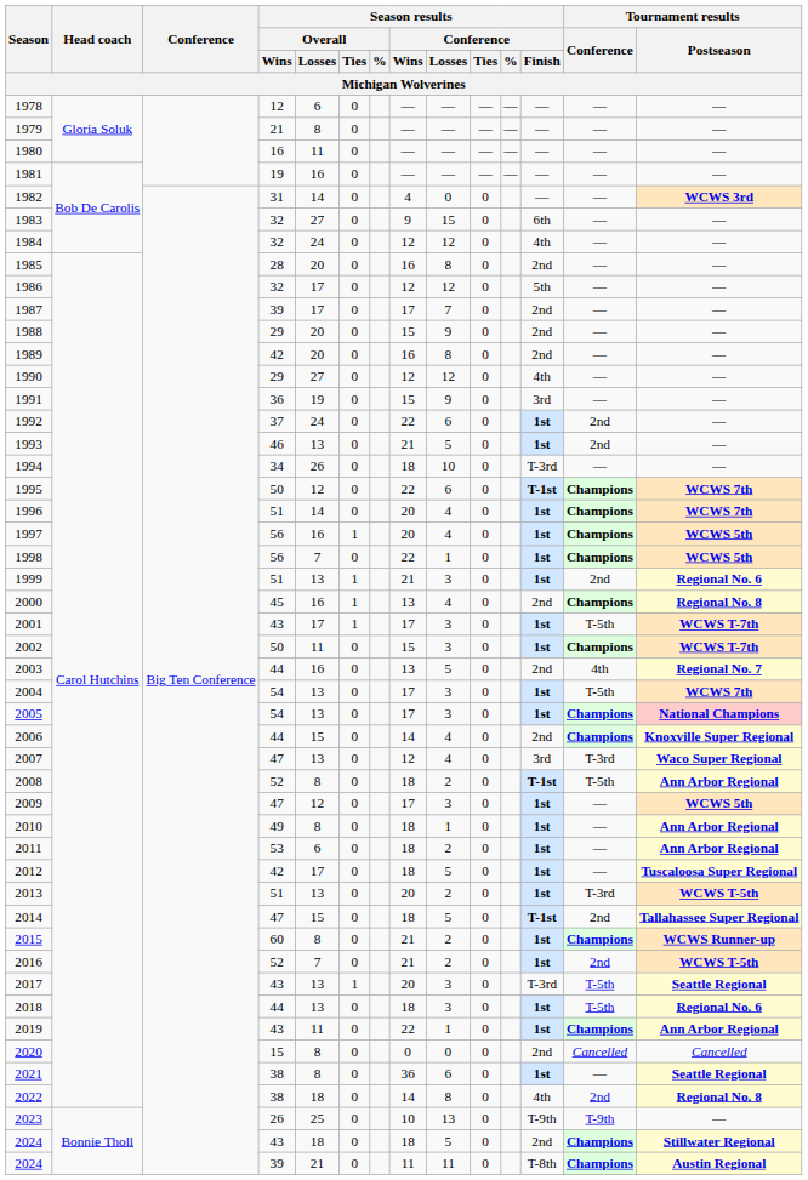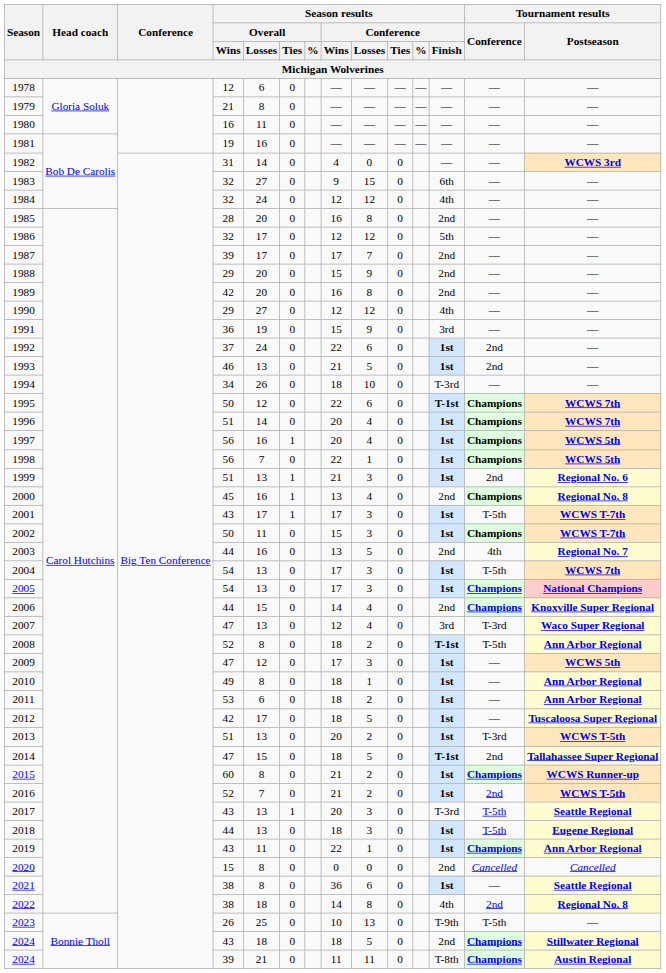 <table class="wikitable" style="font-size: 95%; text-align:center;">
 <tr>
 <th rowspan=3>Season</th>
 <th rowspan=3>Head coach</th>
 <th rowspan=3>Conference</th>
 <th colspan=9>Season results</th>
 <th colspan=2>Tournament results</th>
 </tr>
 <tr>
 <th colspan=4>Overall</th>
 <th colspan=5>Conference</th>
 <th rowspan=2>Conference</th>
 <th rowspan=2>Postseason</th>
 </tr>
 <tr>
 <th>Wins</th>
 <th>Losses</th>
 <th>Ties</th>
 <th>%</th>
 <th>Wins</th>
 <th>Losses</th>
 <th>Ties</th>
 <th>%</th>
 <th>Finish</th>
 </tr>
 <tr>
 <th colspan=14>Michigan Wolverines</th>
 </tr>
 <tr>
 <td>1978</td>
 <td rowspan=3><a href='#'>Gloria Soluk</a></td>
 <td rowspan=4></td>
 <td>12</td>
 <td>6</td>
 <td>0</td>
 <td></td>
 <td>—</td>
 <td>—</td>
 <td>—</td>
 <td>—</td>
 <td>—</td>
 <td>—</td>
 <td>—</td>
 </tr>
 <tr>
 <td>1979</td>
 <td>21</td>
 <td>8</td>
 <td>0</td>
 <td></td>
 <td>—</td>
 <td>—</td>
 <td>—</td>
 <td>—</td>
 <td>—</td>
 <td>—</td>
 <td>—</td>
 </tr>
 <tr>
 <td>1980</td>
 <td>16</td>
 <td>11</td>
 <td>0</td>
 <td></td>
 <td>—</td>
 <td>—</td>
 <td>—</td>
 <td>—</td>
 <td>—</td>
 <td>—</td>
 <td>—</td>
 </tr>
 <tr>
 <td>1981</td>
 <td rowspan=4><a href='#'>Bob De Carolis</a></td>
 <td>19</td>
 <td>16</td>
 <td>0</td>
 <td></td>
 <td>—</td>
 <td>—</td>
 <td>—</td>
 <td>—</td>
 <td>—</td>
 <td>—</td>
 <td>—</td>
 </tr>
 <tr>
 <td>1982</td>
 <td rowspan=44><a href='#'>Big Ten Conference</a></td>
 <td>31</td>
 <td>14</td>
 <td>0</td>
 <td></td>
 <td>4</td>
 <td>0</td>
 <td>0</td>
 <td></td>
 <td>—</td>
 <td>—</td>
 <td bgcolor="#FFE6BD"><strong><a href='#'>WCWS 3rd</a></strong></td>
 </tr>
 <tr>
 <td>1983</td>
 <td>32</td>
 <td>27</td>
 <td>0</td>
 <td></td>
 <td>9</td>
 <td>15</td>
 <td>0</td>
 <td></td>
 <td>6th</td>
 <td>—</td>
 <td>—</td>
 </tr>
 <tr>
 <td>1984</td>
 <td>32</td>
 <td>24</td>
 <td>0</td>
 <td></td>
 <td>12</td>
 <td>12</td>
 <td>0</td>
 <td></td>
 <td>4th</td>
 <td>—</td>
 <td>—</td>
 </tr>
 <tr>
 <td>1985</td>
 <td rowspan=38><a href='#'>Carol Hutchins</a></td>
 <td>28</td>
 <td>20</td>
 <td>0</td>
 <td></td>
 <td>16</td>
 <td>8</td>
 <td>0</td>
 <td></td>
 <td>2nd</td>
 <td>—</td>
 <td>—</td>
 </tr>
 <tr>
 <td>1986</td>
 <td>32</td>
 <td>17</td>
 <td>0</td>
 <td></td>
 <td>12</td>
 <td>12</td>
 <td>0</td>
 <td></td>
 <td>5th</td>
 <td>—</td>
 <td>—</td>
 </tr>
 <tr>
 <td>1987</td>
 <td>39</td>
 <td>17</td>
 <td>0</td>
 <td></td>
 <td>17</td>
 <td>7</td>
 <td>0</td>
 <td></td>
 <td>2nd</td>
 <td>—</td>
 <td>—</td>
 </tr>
 <tr>
 <td>1988</td>
 <td>29</td>
 <td>20</td>
 <td>0</td>
 <td></td>
 <td>15</td>
 <td>9</td>
 <td>0</td>
 <td></td>
 <td>2nd</td>
 <td>—</td>
 <td>—</td>
 </tr>
 <tr>
 <td>1989</td>
 <td>42</td>
 <td>20</td>
 <td>0</td>
 <td></td>
 <td>16</td>
 <td>8</td>
 <td>0</td>
 <td></td>
 <td>2nd</td>
 <td>—</td>
 <td>—</td>
 </tr>
 <tr>
 <td>1990</td>
 <td>29</td>
 <td>27</td>
 <td>0</td>
 <td></td>
 <td>12</td>
 <td>12</td>
 <td>0</td>
 <td></td>
 <td>4th</td>
 <td>—</td>
 <td>—</td>
 </tr>
 <tr>
 <td>1991</td>
 <td>36</td>
 <td>19</td>
 <td>0</td>
 <td></td>
 <td>15</td>
 <td>9</td>
 <td>0</td>
 <td></td>
 <td>3rd</td>
 <td>—</td>
 <td>—</td>
 </tr>
 <tr>
 <td>1992</td>
 <td>37</td>
 <td>24</td>
 <td>0</td>
 <td></td>
 <td>22</td>
 <td>6</td>
 <td>0</td>
 <td></td>
 <td bgcolor="#D0E7FF"><strong>1st</strong></td>
 <td>2nd</td>
 <td>—</td>
 </tr>
 <tr>
 <td>1993</td>
 <td>46</td>
 <td>13</td>
 <td>0</td>
 <td></td>
 <td>21</td>
 <td>5</td>
 <td>0</td>
 <td></td>
 <td bgcolor="#D0E7FF"><strong>1st</strong></td>
 <td>2nd</td>
 <td>—</td>
 </tr>
 <tr>
 <td>1994</td>
 <td>34</td>
 <td>26</td>
 <td>0</td>
 <td></td>
 <td>18</td>
 <td>10</td>
 <td>0</td>
 <td></td>
 <td>T-3rd</td>
 <td>—</td>
 <td>—</td>
 </tr>
 <tr>
 <td>1995</td>
 <td>50</td>
 <td>12</td>
 <td>0</td>
 <td></td>
 <td>22</td>
 <td>6</td>
 <td>0</td>
 <td></td>
 <td bgcolor="#D0E7FF"><strong>T-1st</strong></td>
 <td bgcolor="#DDFFDD"><strong>Champions</strong></td>
 <td bgcolor="#FFE6BD"><strong><a href='#'>WCWS 7th</a></strong></td>
 </tr>
 <tr>
 <td>1996</td>
 <td>51</td>
 <td>14</td>
 <td>0</td>
 <td></td>
 <td>20</td>
 <td>4</td>
 <td>0</td>
 <td></td>
 <td bgcolor="#D0E7FF"><strong>1st</strong></td>
 <td bgcolor="#DDFFDD"><strong>Champions</strong></td>
 <td bgcolor="#FFE6BD"><strong><a href='#'>WCWS 7th</a></strong></td>
 </tr>
 <tr>
 <td>1997</td>
 <td>56</td>
 <td>16</td>
 <td>1</td>
 <td></td>
 <td>20</td>
 <td>4</td>
 <td>0</td>
 <td></td>
 <td bgcolor="#D0E7FF"><strong>1st</strong></td>
 <td bgcolor="#DDFFDD"><strong>Champions</strong></td>
 <td bgcolor="#FFE6BD"><strong><a href='#'>WCWS 5th</a></strong></td>
 </tr>
 <tr>
 <td>1998</td>
 <td>56</td>
 <td>7</td>
 <td>0</td>
 <td></td>
 <td>22</td>
 <td>1</td>
 <td>0</td>
 <td></td>
 <td bgcolor="#D0E7FF"><strong>1st</strong></td>
 <td bgcolor="#DDFFDD"><strong>Champions</strong></td>
 <td bgcolor="#FFE6BD"><strong><a href='#'>WCWS 5th</a></strong></td>
 </tr>
 <tr>
 <td>1999</td>
 <td>51</td>
 <td>13</td>
 <td>1</td>
 <td></td>
 <td>21</td>
 <td>3</td>
 <td>0</td>
 <td></td>
 <td bgcolor="#D0E7FF"><strong>1st</strong></td>
 <td>2nd</td>
 <td bgcolor="#FFFDD0"><strong><a href='#'>Regional No. 6</a></strong></td>
 </tr>
 <tr>
 <td>2000</td>
 <td>45</td>
 <td>16</td>
 <td>1</td>
 <td></td>
 <td>13</td>
 <td>4</td>
 <td>0</td>
 <td></td>
 <td>2nd</td>
 <td bgcolor="#DDFFDD"><strong>Champions</strong></td>
 <td bgcolor="#FFFDD0"><strong><a href='#'>Regional No. 8</a></strong></td>
 </tr>
 <tr>
 <td>2001</td>
 <td>43</td>
 <td>17</td>
 <td>1</td>
 <td></td>
 <td>17</td>
 <td>3</td>
 <td>0</td>
 <td></td>
 <td bgcolor="#D0E7FF"><strong>1st</strong></td>
 <td>T-5th</td>
 <td bgcolor="#FFE6BD"><strong><a href='#'>WCWS T-7th</a></strong></td>
 </tr>
 <tr>
 <td>2002</td>
 <td>50</td>
 <td>11</td>
 <td>0</td>
 <td></td>
 <td>15</td>
 <td>3</td>
 <td>0</td>
 <td></td>
 <td bgcolor="#D0E7FF"><strong>1st</strong></td>
 <td bgcolor="#DDFFDD"><strong>Champions</strong></td>
 <td bgcolor="#FFE6BD"><strong><a href='#'>WCWS T-7th</a></strong></td>
 </tr>
 <tr>
 <td>2003</td>
 <td>44</td>
 <td>16</td>
 <td>0</td>
 <td></td>
 <td>13</td>
 <td>5</td>
 <td>0</td>
 <td></td>
 <td>2nd</td>
 <td>4th</td>
 <td bgcolor="#FFFDD0"><strong><a href='#'>Regional No. 7</a></strong></td>
 </tr>
 <tr>
 <td>2004</td>
 <td>54</td>
 <td>13</td>
 <td>0</td>
 <td></td>
 <td>17</td>
 <td>3</td>
 <td>0</td>
 <td></td>
 <td bgcolor="#D0E7FF"><strong>1st</strong></td>
 <td>T-5th</td>
 <td bgcolor="#FFE6BD"><strong><a href='#'>WCWS 7th</a></strong></td>
 </tr>
 <tr>
 <td><a href='#'>2005</a></td>
 <td>54</td>
 <td>13</td>
 <td>0</td>
 <td></td>
 <td>17</td>
 <td>3</td>
 <td>0</td>
 <td></td>
 <td bgcolor="#D0E7FF"><strong>1st</strong></td>
 <td bgcolor="#DDFFDD"><strong><a href='#'>Champions</a></strong></td>
 <td bgcolor="#FFCCCC"><strong><a href='#'>National Champions</a></strong></td>
 </tr>
 <tr>
 <td>2006</td>
 <td>44</td>
 <td>15</td>
 <td>0</td>
 <td></td>
 <td>14</td>
 <td>4</td>
 <td>0</td>
 <td></td>
 <td>2nd</td>
 <td bgcolor="#DDFFDD"><strong><a href='#'>Champions</a></strong></td>
 <td bgcolor="#FFFDD0"><strong><a href='#'>Knoxville Super Regional</a></strong></td>
 </tr>
 <tr>
 <td>2007</td>
 <td>47</td>
 <td>13</td>
 <td>0</td>
 <td></td>
 <td>12</td>
 <td>4</td>
 <td>0</td>
 <td></td>
 <td>3rd</td>
 <td>T-3rd</td>
 <td bgcolor="#FFFDD0"><strong><a href='#'>Waco Super Regional</a></strong></td>
 </tr>
 <tr>
 <td>2008</td>
 <td>52</td>
 <td>8</td>
 <td>0</td>
 <td></td>
 <td>18</td>
 <td>2</td>
 <td>0</td>
 <td></td>
 <td bgcolor="#D0E7FF"><strong>T-1st</strong></td>
 <td>T-5th</td>
 <td bgcolor="#FFFDD0"><strong><a href='#'>Ann Arbor Regional</a></strong></td>
 </tr>
 <tr>
 <td>2009</td>
 <td>47</td>
 <td>12</td>
 <td>0</td>
 <td></td>
 <td>17</td>
 <td>3</td>
 <td>0</td>
 <td></td>
 <td bgcolor="#D0E7FF"><strong>1st</strong></td>
 <td>—</td>
 <td bgcolor="#FFE6BD"><strong><a href='#'>WCWS 5th</a></strong></td>
 </tr>
 <tr>
 <td>2010</td>
 <td>49</td>
 <td>8</td>
 <td>0</td>
 <td></td>
 <td>18</td>
 <td>1</td>
 <td>0</td>
 <td></td>
 <td bgcolor="#D0E7FF"><strong>1st</strong></td>
 <td>—</td>
 <td bgcolor="#FFFDD0"><strong><a href='#'>Ann Arbor Regional</a></strong></td>
 </tr>
 <tr>
 <td>2011</td>
 <td>53</td>
 <td>6</td>
 <td>0</td>
 <td></td>
 <td>18</td>
 <td>2</td>
 <td>0</td>
 <td></td>
 <td bgcolor="#D0E7FF"><strong>1st</strong></td>
 <td>—</td>
 <td bgcolor="#FFFDD0"><strong><a href='#'>Ann Arbor Regional</a></strong></td>
 </tr>
 <tr>
 <td>2012</td>
 <td>42</td>
 <td>17</td>
 <td>0</td>
 <td></td>
 <td>18</td>
 <td>5</td>
 <td>0</td>
 <td></td>
 <td bgcolor="#D0E7FF"><strong>1st</strong></td>
 <td>—</td>
 <td bgcolor="#FFFDD0"><strong><a href='#'>Tuscaloosa Super Regional</a></strong></td>
 </tr>
 <tr>
 <td>2013</td>
 <td>51</td>
 <td>13</td>
 <td>0</td>
 <td></td>
 <td>20</td>
 <td>2</td>
 <td>0</td>
 <td></td>
 <td bgcolor="#D0E7FF"><strong>1st</strong></td>
 <td>T-3rd</td>
 <td bgcolor="#FFE6BD"><strong><a href='#'>WCWS T-5th</a></strong></td>
 </tr>
 <tr>
 <td>2014</td>
 <td>47</td>
 <td>15</td>
 <td>0</td>
 <td></td>
 <td>18</td>
 <td>5</td>
 <td>0</td>
 <td></td>
 <td bgcolor="#D0E7FF"><strong>T-1st</strong></td>
 <td>2nd</td>
 <td bgcolor="#FFFDD0"><strong><a href='#'>Tallahassee Super Regional</a></strong></td>
 </tr>
 <tr>
 <td><a href='#'>2015</a></td>
 <td>60</td>
 <td>8</td>
 <td>0</td>
 <td></td>
 <td>21</td>
 <td>2</td>
 <td>0</td>
 <td></td>
 <td bgcolor="#D0E7FF"><strong>1st</strong></td>
 <td bgcolor="#DDFFDD"><strong><a href='#'>Champions</a></strong></td>
 <td bgcolor="#FFE6BD"><strong><a href='#'>WCWS Runner-up</a></strong></td>
 </tr>
 <tr>
 <td>2016</td>
 <td>52</td>
 <td>7</td>
 <td>0</td>
 <td></td>
 <td>21</td>
 <td>2</td>
 <td>0</td>
 <td></td>
 <td bgcolor="#D0E7FF"><strong>1st</strong></td>
 <td><a href='#'>2nd</a></td>
 <td bgcolor="#FFE6BD"><strong><a href='#'>WCWS T-5th</a></strong></td>
 </tr>
 <tr>
 <td>2017</td>
 <td>43</td>
 <td>13</td>
 <td>1</td>
 <td></td>
 <td>20</td>
 <td>3</td>
 <td>0</td>
 <td></td>
 <td>T-3rd</td>
 <td><a href='#'>T-5th</a></td>
 <td bgcolor="#FFFDD0"><strong><a href='#'>Seattle Regional</a></strong></td>
 </tr>
 <tr>
 <td>2018</td>
 <td>44</td>
 <td>13</td>
 <td>0</td>
 <td></td>
 <td>18</td>
 <td>3</td>
 <td>0</td>
 <td></td>
 <td bgcolor="#D0E7FF"><strong>1st</strong></td>
 <td><a href='#'>T-5th</a></td>
-<td bgcolor="#FFFDD0"><strong><a href='#'>Regional No. 6</a></strong></td>
+<td bgcolor="#FFFDD0"><strong><a href='#'>Eugene Regional</a></strong></td>
 </tr>
 <tr>
 <td>2019</td>
 <td>43</td>
 <td>11</td>
 <td>0</td>
 <td></td>
 <td>22</td>
 <td>1</td>
 <td>0</td>
 <td></td>
 <td bgcolor="#D0E7FF"><strong>1st</strong></td>
 <td bgcolor="#DDFFDD"><strong><a href='#'>Champions</a></strong></td>
 <td bgcolor="#FFFDD0"><strong><a href='#'>Ann Arbor Regional</a></strong></td>
 </tr>
 <tr>
 <td><a href='#'>2020</a></td>
 <td>15</td>
 <td>8</td>
 <td>0</td>
 <td></td>
 <td>0</td>
 <td>0</td>
 <td>0</td>
 <td></td>
 <td>2nd</td>
 <td><em><a href='#'>Cancelled</a></em></td>
 <td><em><a href='#'>Cancelled</a></em></td>
 </tr>
 <tr>
 <td><a href='#'>2021</a></td>
 <td>38</td>
 <td>8</td>
 <td>0</td>
 <td></td>
 <td>36</td>
 <td>6</td>
 <td>0</td>
 <td></td>
 <td bgcolor="#D0E7FF"><strong>1st</strong></td>
 <td>—</td>
 <td bgcolor="#FFFDD0"><strong><a href='#'>Seattle Regional</a></strong></td>
 </tr>
 <tr>
 <td><a href='#'>2022</a></td>
 <td>38</td>
 <td>18</td>
 <td>0</td>
 <td></td>
 <td>14</td>
 <td>8</td>
 <td>0</td>
 <td></td>
 <td>4th</td>
 <td><a href='#'>2nd</a></td>
 <td bgcolor="#FFFDD0"><strong><a href='#'>Regional No. 8</a></strong></td>
 </tr>
 <tr>
 <td><a href='#'>2023</a></td>
 <td rowspan=3><a href='#'>Bonnie Tholl</a></td>
 <td>26</td>
 <td>25</td>
 <td>0</td>
 <td></td>
 <td>10</td>
 <td>13</td>
 <td>0</td>
 <td></td>
 <td>T-9th</td>
-<td><a href='#'>T-9th</a></td>
+<td>T-5th</td>
 <td>—</td>
 </tr>
 <tr>
 <td><a href='#'>2024</a></td>
 <td>43</td>
 <td>18</td>
 <td>0</td>
 <td></td>
 <td>18</td>
 <td>5</td>
 <td>0</td>
 <td></td>
 <td>2nd</td>
 <td bgcolor="#DDFFDD"><strong><a href='#'>Champions</a></strong></td>
 <td bgcolor="#FFFDD0"><strong><a href='#'>Stillwater Regional</a></strong></td>
 </tr>
 <tr>
 <td><a href='#'>2024</a></td>
 <td>39</td>
 <td>21</td>
 <td>0</td>
 <td></td>
 <td>11</td>
 <td>11</td>
 <td>0</td>
 <td></td>
 <td>T-8th</td>
 <td bgcolor="#DDFFDD"><strong><a href='#'>Champions</a></strong></td>
 <td bgcolor="#FFFDD0"><strong><a href='#'>Austin Regional</a></strong></td>
 </tr>
 </table>
